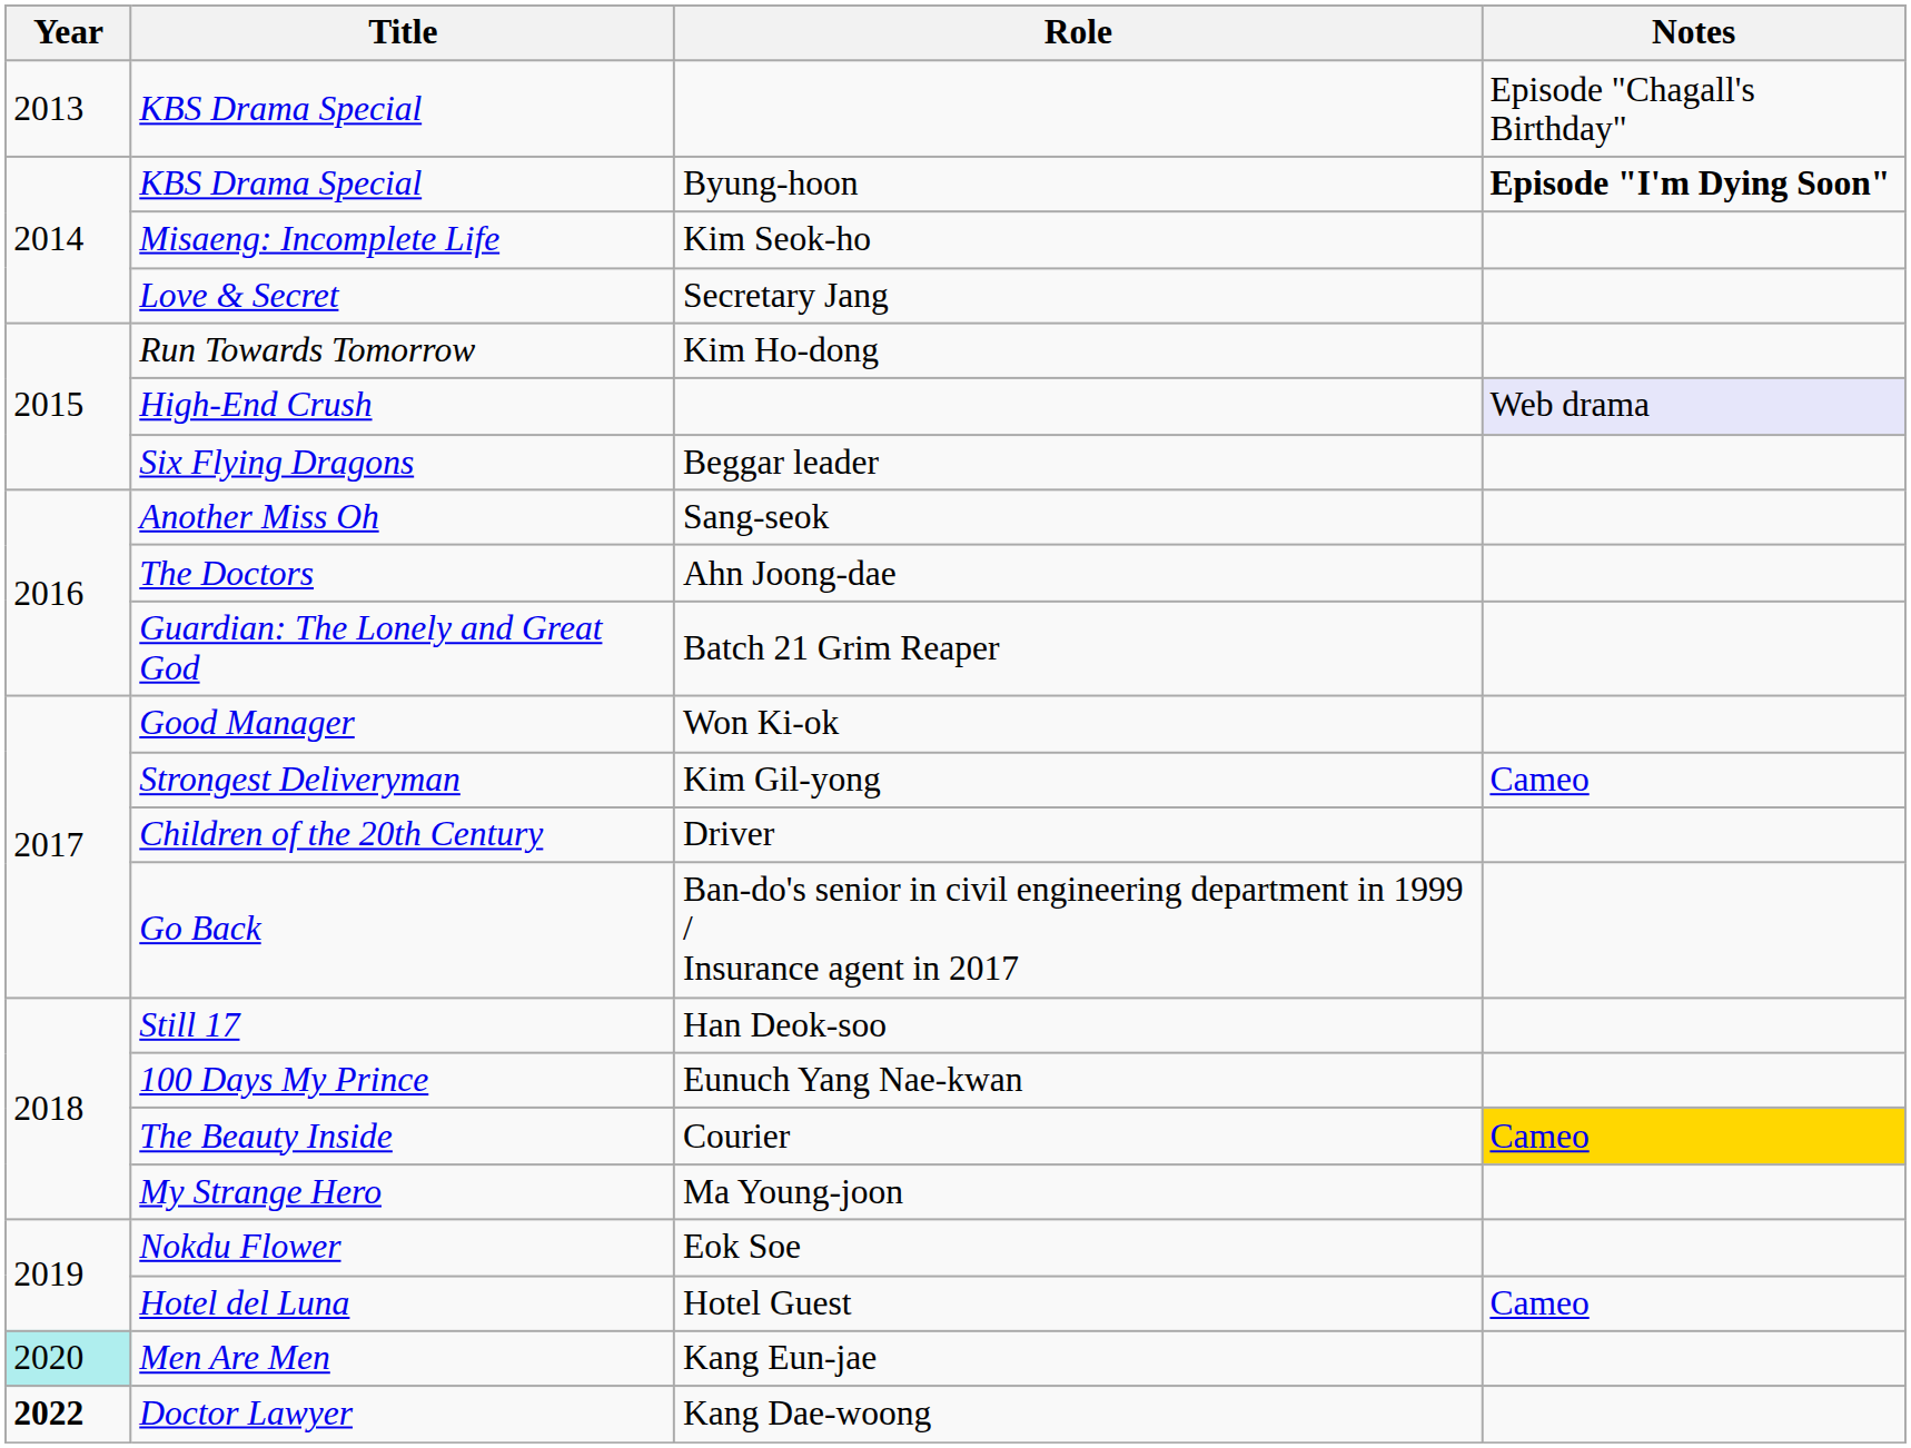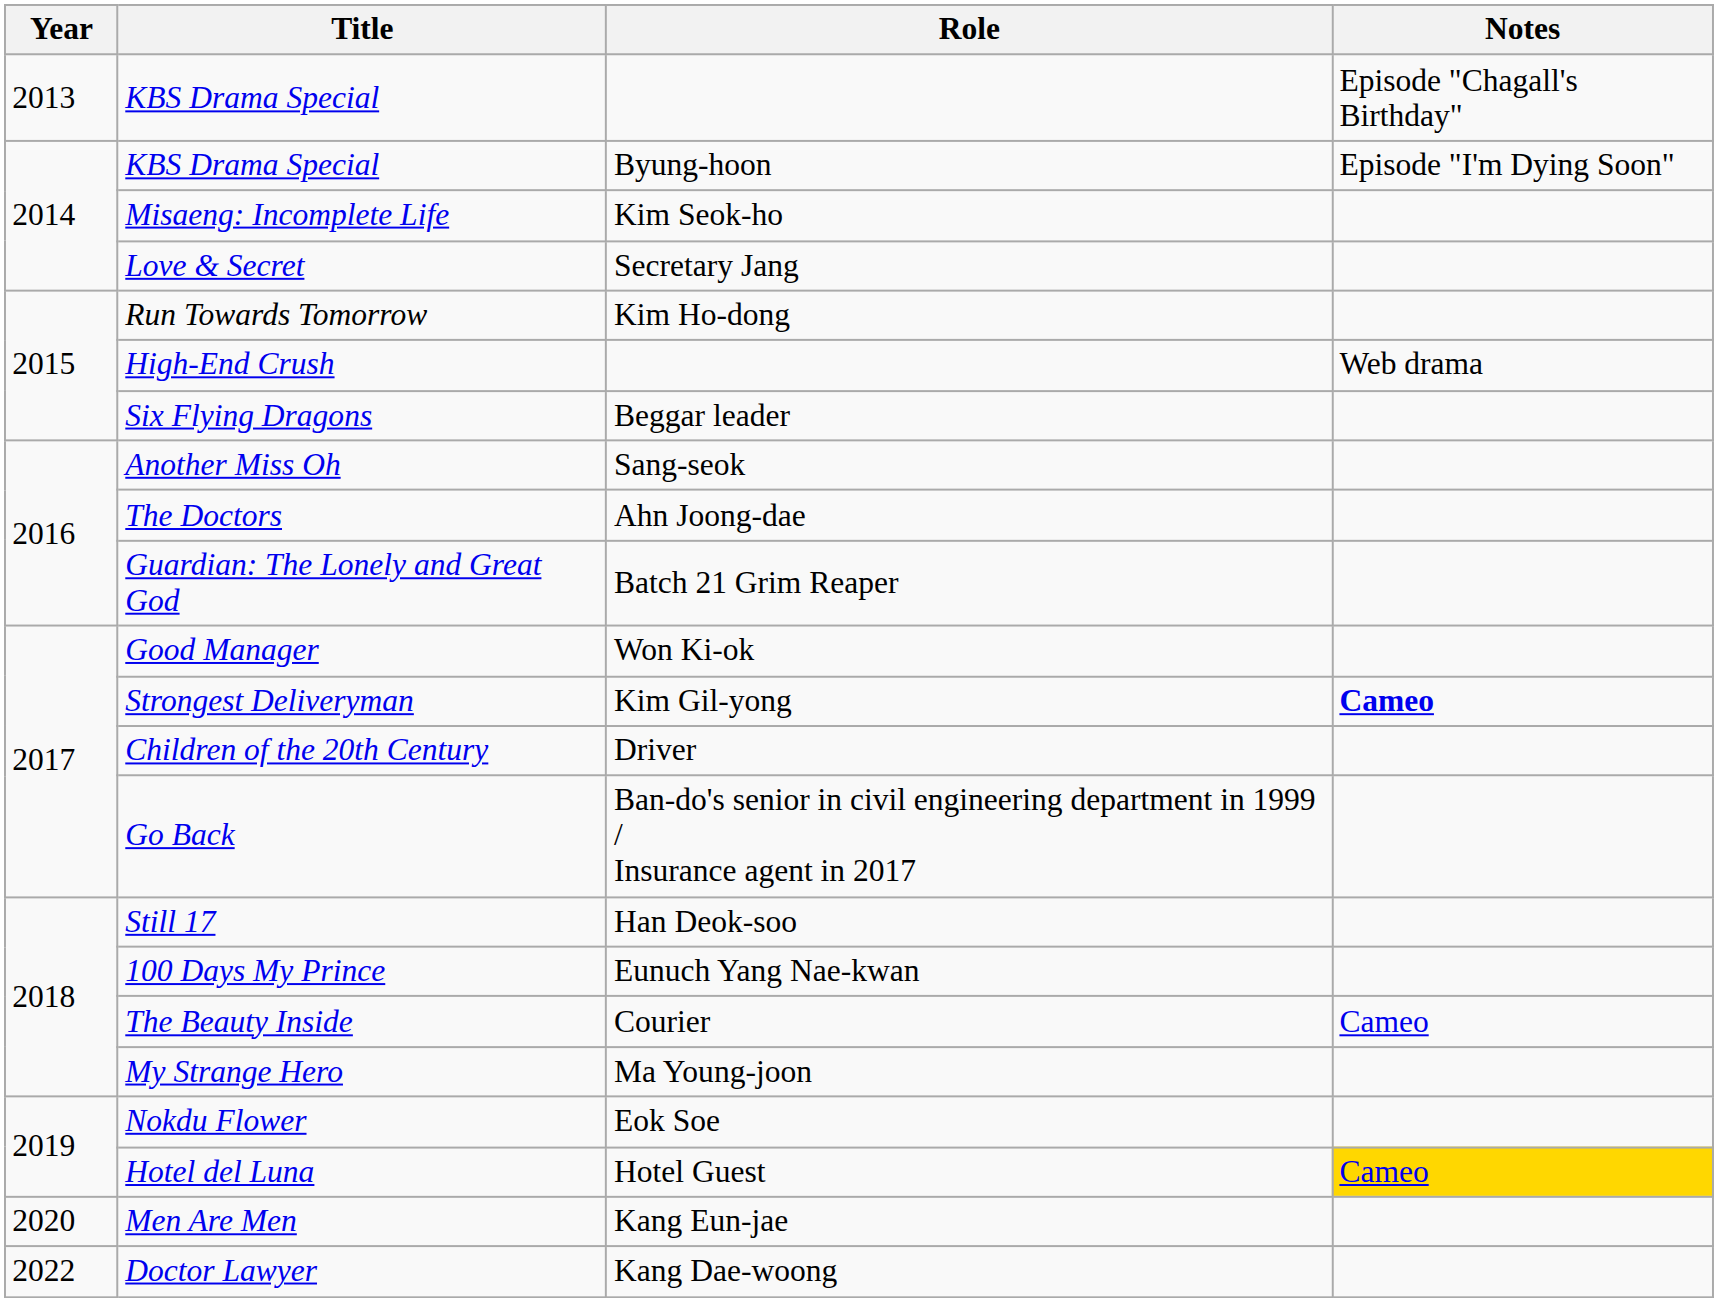 <table class="wikitable">
 <tr>
 <th width=50px>Year</th>
 <th>Title</th>
 <th>Role</th>
 <th>Notes</th>
 </tr>
 <tr>
 <td>2013</td>
 <td><em><a href='#'>KBS Drama Special</a></em></td>
 <td></td>
 <td>Episode "Chagall's Birthday"</td>
 </tr>
 <tr>
 <td rowspan=3>2014</td>
 <td><em><a href='#'>KBS Drama Special</a></em></td>
 <td>Byung-hoon</td>
-<td><strong>Episode "I'm Dying Soon"</strong></td>
+<td>Episode "I'm Dying Soon"</td>
 </tr>
 <tr>
 <td><em><a href='#'>Misaeng: Incomplete Life</a></em></td>
 <td>Kim Seok-ho</td>
 <td></td>
 </tr>
 <tr>
 <td><em><a href='#'>Love & Secret</a></em></td>
 <td>Secretary Jang</td>
 <td></td>
 </tr>
 <tr>
 <td rowspan=3>2015</td>
 <td><em>Run Towards Tomorrow</em></td>
 <td>Kim Ho-dong</td>
 <td></td>
 </tr>
 <tr>
 <td><em><a href='#'>High-End Crush</a></em></td>
 <td></td>
-<td style="background: lavender;">Web drama</td>
+<td>Web drama</td>
 </tr>
 <tr>
 <td><em><a href='#'>Six Flying Dragons</a></em></td>
 <td>Beggar leader</td>
 <td></td>
 </tr>
 <tr>
 <td rowspan=3>2016</td>
 <td><em><a href='#'>Another Miss Oh</a></em></td>
 <td>Sang-seok</td>
 <td></td>
 </tr>
 <tr>
 <td><em><a href='#'>The Doctors</a></em></td>
 <td>Ahn Joong-dae</td>
 <td></td>
 </tr>
 <tr>
 <td><em><a href='#'>Guardian: The Lonely and Great God</a></em></td>
 <td>Batch 21 Grim Reaper</td>
 <td></td>
 </tr>
 <tr>
 <td rowspan=4>2017</td>
 <td><em><a href='#'>Good Manager</a></em></td>
 <td>Won Ki-ok</td>
 <td></td>
 </tr>
 <tr>
 <td><em><a href='#'>Strongest Deliveryman</a></em></td>
 <td>Kim Gil-yong</td>
-<td><a href='#'>Cameo</a></td>
+<td><strong><a href='#'>Cameo</a></strong></td>
 </tr>
 <tr>
 <td><em><a href='#'>Children of the 20th Century</a></em></td>
 <td>Driver</td>
 <td></td>
 </tr>
 <tr>
 <td><em><a href='#'>Go Back</a></em></td>
 <td>Ban-do's senior in civil engineering department in 1999 /<br>Insurance agent in 2017</td>
 <td></td>
 </tr>
 <tr>
 <td rowspan=4>2018</td>
 <td><em><a href='#'>Still 17</a></em></td>
 <td>Han Deok-soo</td>
 <td></td>
 </tr>
 <tr>
 <td><em><a href='#'>100 Days My Prince</a></em></td>
 <td>Eunuch Yang Nae-kwan</td>
 <td></td>
 </tr>
 <tr>
 <td><em><a href='#'>The Beauty Inside</a></em></td>
 <td>Courier</td>
-<td style="background: gold;"><a href='#'>Cameo</a></td>
+<td><a href='#'>Cameo</a></td>
 </tr>
 <tr>
 <td><em><a href='#'>My Strange Hero</a></em></td>
 <td>Ma Young-joon</td>
 <td></td>
 </tr>
 <tr>
 <td rowspan=2>2019</td>
 <td><em><a href='#'>Nokdu Flower</a></em></td>
 <td>Eok Soe</td>
 <td></td>
 </tr>
 <tr>
 <td><em><a href='#'>Hotel del Luna</a></em></td>
 <td>Hotel Guest</td>
-<td><a href='#'>Cameo</a></td>
+<td style="background: gold;"><a href='#'>Cameo</a></td>
 </tr>
 <tr>
-<td style="background: paleturquoise;">2020</td>
+<td>2020</td>
 <td><em><a href='#'>Men Are Men</a></em></td>
 <td>Kang Eun-jae</td>
 <td></td>
 </tr>
 <tr>
-<td><strong>2022</strong></td>
+<td>2022</td>
 <td><em><a href='#'>Doctor Lawyer</a></em></td>
 <td>Kang Dae-woong</td>
 <td></td>
 </tr>
 </table>
